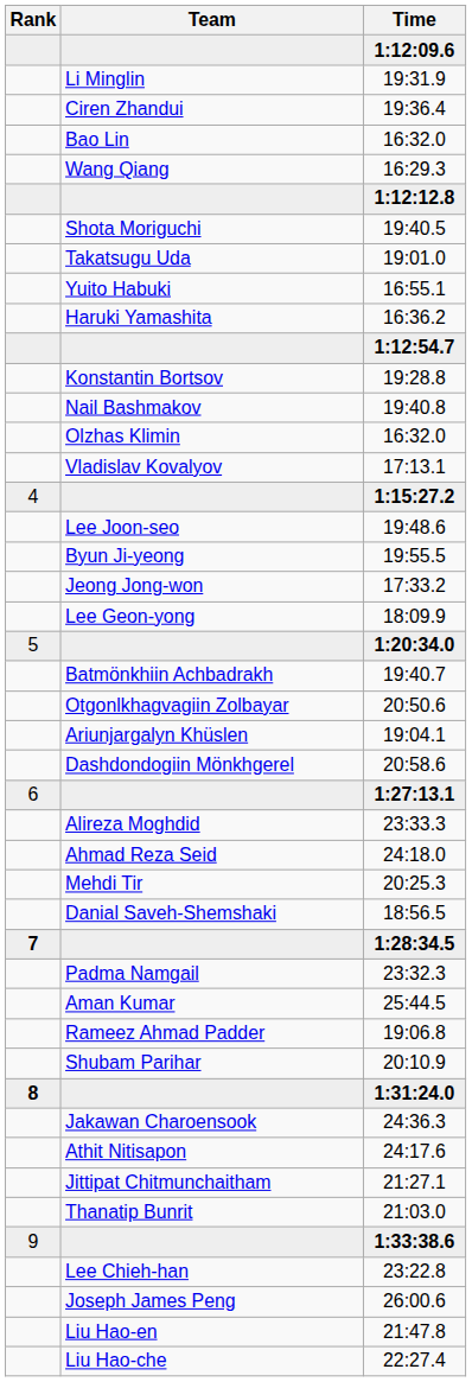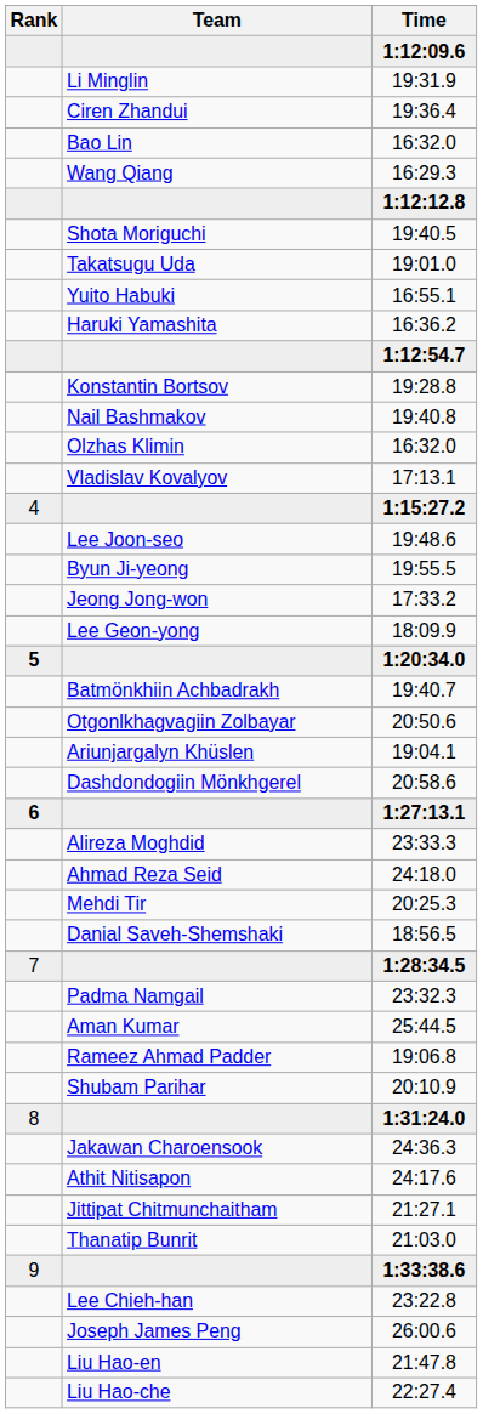 <table class=wikitable style="text-align:center">
 <tr>
 <th width=40>Rank</th>
 <th width=250>Team</th>
 <th width=80>Time</th>
 </tr>
 <tr bgcolor=eeeeee>
 <td></td>
 <td align=left></td>
 <td><strong>1:12:09.6</strong></td>
 </tr>
 <tr>
 <td></td>
 <td align=left><a href='#'>Li Minglin</a></td>
 <td>19:31.9</td>
 </tr>
 <tr>
 <td></td>
 <td align=left><a href='#'>Ciren Zhandui</a></td>
 <td>19:36.4</td>
 </tr>
 <tr>
 <td></td>
 <td align=left><a href='#'>Bao Lin</a></td>
 <td>16:32.0</td>
 </tr>
 <tr>
 <td></td>
 <td align=left><a href='#'>Wang Qiang</a></td>
 <td>16:29.3</td>
 </tr>
 <tr bgcolor=eeeeee>
 <td></td>
 <td align=left></td>
 <td><strong>1:12:12.8</strong></td>
 </tr>
 <tr>
 <td></td>
 <td align=left><a href='#'>Shota Moriguchi</a></td>
 <td>19:40.5</td>
 </tr>
 <tr>
 <td></td>
 <td align=left><a href='#'>Takatsugu Uda</a></td>
 <td>19:01.0</td>
 </tr>
 <tr>
 <td></td>
 <td align=left><a href='#'>Yuito Habuki</a></td>
 <td>16:55.1</td>
 </tr>
 <tr>
 <td></td>
 <td align=left><a href='#'>Haruki Yamashita</a></td>
 <td>16:36.2</td>
 </tr>
 <tr bgcolor=eeeeee>
 <td></td>
 <td align=left></td>
 <td><strong>1:12:54.7</strong></td>
 </tr>
 <tr>
 <td></td>
 <td align=left><a href='#'>Konstantin Bortsov</a></td>
 <td>19:28.8</td>
 </tr>
 <tr>
 <td></td>
 <td align=left><a href='#'>Nail Bashmakov</a></td>
 <td>19:40.8</td>
 </tr>
 <tr>
 <td></td>
 <td align=left><a href='#'>Olzhas Klimin</a></td>
 <td>16:32.0</td>
 </tr>
 <tr>
 <td></td>
 <td align=left><a href='#'>Vladislav Kovalyov</a></td>
 <td>17:13.1</td>
 </tr>
 <tr bgcolor=eeeeee>
 <td>4</td>
 <td align=left></td>
 <td><strong>1:15:27.2</strong></td>
 </tr>
 <tr>
 <td></td>
 <td align=left><a href='#'>Lee Joon-seo</a></td>
 <td>19:48.6</td>
 </tr>
 <tr>
 <td></td>
 <td align=left><a href='#'>Byun Ji-yeong</a></td>
 <td>19:55.5</td>
 </tr>
 <tr>
 <td></td>
 <td align=left><a href='#'>Jeong Jong-won</a></td>
 <td>17:33.2</td>
 </tr>
 <tr>
 <td></td>
 <td align=left><a href='#'>Lee Geon-yong</a></td>
 <td>18:09.9</td>
 </tr>
 <tr bgcolor=eeeeee>
-<td>5</td>
+<td><strong>5</strong></td>
 <td align=left></td>
 <td><strong>1:20:34.0</strong></td>
 </tr>
 <tr>
 <td></td>
 <td align=left><a href='#'>Batmönkhiin Achbadrakh</a></td>
 <td>19:40.7</td>
 </tr>
 <tr>
 <td></td>
 <td align=left><a href='#'>Otgonlkhagvagiin Zolbayar</a></td>
 <td>20:50.6</td>
 </tr>
 <tr>
 <td></td>
 <td align=left><a href='#'>Ariunjargalyn Khüslen</a></td>
 <td>19:04.1</td>
 </tr>
 <tr>
 <td></td>
 <td align=left><a href='#'>Dashdondogiin Mönkhgerel</a></td>
 <td>20:58.6</td>
 </tr>
 <tr bgcolor=eeeeee>
-<td>6</td>
+<td><strong>6</strong></td>
 <td align=left></td>
 <td><strong>1:27:13.1</strong></td>
 </tr>
 <tr>
 <td></td>
 <td align=left><a href='#'>Alireza Moghdid</a></td>
 <td>23:33.3</td>
 </tr>
 <tr>
 <td></td>
 <td align=left><a href='#'>Ahmad Reza Seid</a></td>
 <td>24:18.0</td>
 </tr>
 <tr>
 <td></td>
 <td align=left><a href='#'>Mehdi Tir</a></td>
 <td>20:25.3</td>
 </tr>
 <tr>
 <td></td>
 <td align=left><a href='#'>Danial Saveh-Shemshaki</a></td>
 <td>18:56.5</td>
 </tr>
 <tr bgcolor=eeeeee>
-<td><strong>7</strong></td>
+<td>7</td>
 <td align=left></td>
 <td><strong>1:28:34.5</strong></td>
 </tr>
 <tr>
 <td></td>
 <td align=left><a href='#'>Padma Namgail</a></td>
 <td>23:32.3</td>
 </tr>
 <tr>
 <td></td>
 <td align=left><a href='#'>Aman Kumar</a></td>
 <td>25:44.5</td>
 </tr>
 <tr>
 <td></td>
 <td align=left><a href='#'>Rameez Ahmad Padder</a></td>
 <td>19:06.8</td>
 </tr>
 <tr>
 <td></td>
 <td align=left><a href='#'>Shubam Parihar</a></td>
 <td>20:10.9</td>
 </tr>
 <tr bgcolor=eeeeee>
-<td><strong>8</strong></td>
+<td>8</td>
 <td align=left></td>
 <td><strong>1:31:24.0</strong></td>
 </tr>
 <tr>
 <td></td>
 <td align=left><a href='#'>Jakawan Charoensook</a></td>
 <td>24:36.3</td>
 </tr>
 <tr>
 <td></td>
 <td align=left><a href='#'>Athit Nitisapon</a></td>
 <td>24:17.6</td>
 </tr>
 <tr>
 <td></td>
 <td align=left><a href='#'>Jittipat Chitmunchaitham</a></td>
 <td>21:27.1</td>
 </tr>
 <tr>
 <td></td>
 <td align=left><a href='#'>Thanatip Bunrit</a></td>
 <td>21:03.0</td>
 </tr>
 <tr bgcolor=eeeeee>
 <td>9</td>
 <td align=left></td>
 <td><strong>1:33:38.6</strong></td>
 </tr>
 <tr>
 <td></td>
 <td align=left><a href='#'>Lee Chieh-han</a></td>
 <td>23:22.8</td>
 </tr>
 <tr>
 <td></td>
 <td align=left><a href='#'>Joseph James Peng</a></td>
 <td>26:00.6</td>
 </tr>
 <tr>
 <td></td>
 <td align=left><a href='#'>Liu Hao-en</a></td>
 <td>21:47.8</td>
 </tr>
 <tr>
 <td></td>
 <td align=left><a href='#'>Liu Hao-che</a></td>
 <td>22:27.4</td>
 </tr>
 </table>
